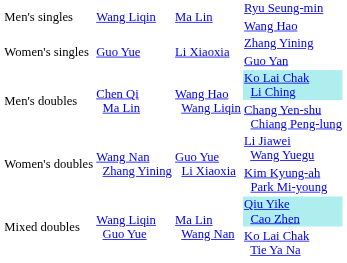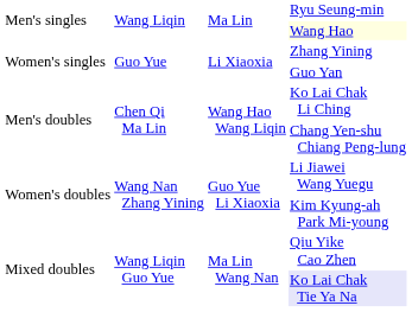 <table>
 <tr>
 <td rowspan=2>Men's singles <br></td>
 <td rowspan=2> <a href='#'>Wang Liqin</a></td>
 <td rowspan=2> <a href='#'>Ma Lin</a></td>
 <td> <a href='#'>Ryu Seung-min</a></td>
 </tr>
 <tr>
-<td> <a href='#'>Wang Hao</a></td>
+<td style="background: lightyellow;"> <a href='#'>Wang Hao</a></td>
 </tr>
 <tr>
 <td rowspan=2>Women's singles <br></td>
 <td rowspan=2> <a href='#'>Guo Yue</a></td>
 <td rowspan=2> <a href='#'>Li Xiaoxia</a></td>
 <td> <a href='#'>Zhang Yining</a></td>
 </tr>
 <tr>
 <td> <a href='#'>Guo Yan</a></td>
 </tr>
 <tr>
 <td rowspan=2>Men's doubles <br></td>
 <td rowspan=2> <a href='#'>Chen Qi</a> <br>  <a href='#'>Ma Lin</a></td>
 <td rowspan=2> <a href='#'>Wang Hao</a> <br>  <a href='#'>Wang Liqin</a></td>
-<td style="background: paleturquoise;"> <a href='#'>Ko Lai Chak</a> <br>  <a href='#'>Li Ching</a></td>
+<td> <a href='#'>Ko Lai Chak</a> <br>  <a href='#'>Li Ching</a></td>
 </tr>
 <tr>
 <td> <a href='#'>Chang Yen-shu</a> <br>  <a href='#'>Chiang Peng-lung</a></td>
 </tr>
 <tr>
 <td rowspan=2>Women's doubles <br></td>
 <td rowspan=2> <a href='#'>Wang Nan</a> <br>  <a href='#'>Zhang Yining</a></td>
 <td rowspan=2> <a href='#'>Guo Yue</a> <br>  <a href='#'>Li Xiaoxia</a></td>
 <td> <a href='#'>Li Jiawei</a> <br>  <a href='#'>Wang Yuegu</a></td>
 </tr>
 <tr>
 <td> <a href='#'>Kim Kyung-ah</a> <br>  <a href='#'>Park Mi-young</a></td>
 </tr>
 <tr>
 <td rowspan=2>Mixed doubles <br></td>
 <td rowspan=2> <a href='#'>Wang Liqin</a> <br>  <a href='#'>Guo Yue</a></td>
 <td rowspan=2> <a href='#'>Ma Lin</a> <br>  <a href='#'>Wang Nan</a></td>
-<td style="background: paleturquoise;"> <a href='#'>Qiu Yike</a> <br>  <a href='#'>Cao Zhen</a></td>
+<td> <a href='#'>Qiu Yike</a> <br>  <a href='#'>Cao Zhen</a></td>
 </tr>
 <tr>
-<td> <a href='#'>Ko Lai Chak</a> <br>  <a href='#'>Tie Ya Na</a></td>
+<td style="background: lavender;"> <a href='#'>Ko Lai Chak</a> <br>  <a href='#'>Tie Ya Na</a></td>
 </tr>
 </table>
